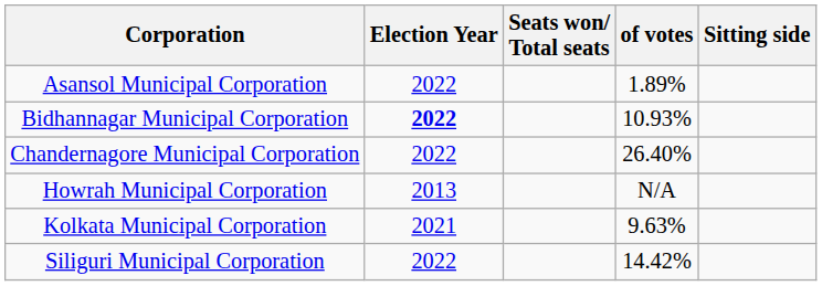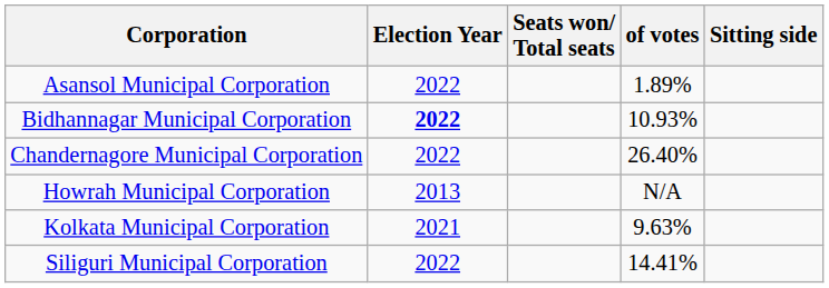 <table class="wikitable sortable" style="text-align:center">
 <tr>
 <th Style="background-color:">Corporation</th>
 <th Style="background-color:">Election Year</th>
 <th Style="background-color:">Seats won/<br>Total seats</th>
 <th Style="background-color:"> of votes</th>
 <th Style="background-color:">Sitting side</th>
 </tr>
 <tr>
 <td><a href='#'>Asansol Municipal Corporation</a></td>
 <td><a href='#'>2022</a></td>
 <td></td>
 <td>1.89%</td>
 <td></td>
 </tr>
 <tr>
 <td><a href='#'>Bidhannagar Municipal Corporation</a></td>
 <td><strong><a href='#'>2022</a></strong></td>
 <td></td>
 <td>10.93%</td>
 <td></td>
 </tr>
 <tr>
 <td><a href='#'>Chandernagore Municipal Corporation</a></td>
 <td><a href='#'>2022</a></td>
 <td></td>
 <td>26.40%</td>
 <td></td>
 </tr>
 <tr>
 <td><a href='#'>Howrah Municipal Corporation</a></td>
 <td><a href='#'>2013</a></td>
 <td></td>
 <td>N/A</td>
 <td></td>
 </tr>
 <tr>
 <td><a href='#'>Kolkata Municipal Corporation</a></td>
 <td><a href='#'>2021</a></td>
 <td></td>
 <td>9.63%</td>
 <td></td>
 </tr>
 <tr>
 <td><a href='#'>Siliguri Municipal Corporation</a></td>
 <td><a href='#'>2022</a></td>
 <td></td>
-<td>14.42%</td>
+<td>14.41%</td>
 <td></td>
 </tr>
 </table>
